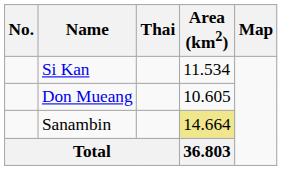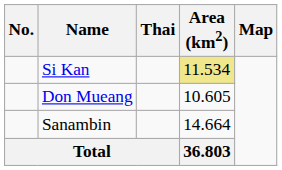 <table class="wikitable sortable">
 <tr>
 <th>No.</th>
 <th>Name</th>
 <th>Thai</th>
 <th>Area<br>(km<sup>2</sup>)</th>
 <th>Map</th>
 </tr>
 <tr>
 <td></td>
 <td><a href='#'>Si Kan</a></td>
 <td></td>
-<td><div>11.534</div></td>
+<td style="background: khaki;"><div>11.534</div></td>
 <td rowspan=4></td>
 </tr>
 <tr>
 <td></td>
 <td><a href='#'>Don Mueang</a></td>
 <td></td>
 <td><div>10.605</div></td>
 </tr>
 <tr>
 <td></td>
 <td>Sanambin</td>
 <td></td>
-<td style="background: khaki;"><div>14.664</div></td>
+<td><div>14.664</div></td>
 </tr>
 <tr>
 <th colspan=3>Total</th>
 <th><div>36.803</div></th>
 </tr>
 </table>
